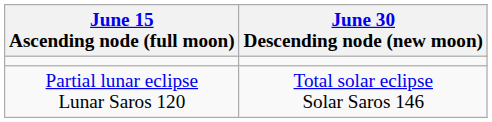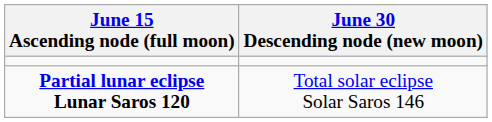 <table class="wikitable">
 <tr>
 <th><a href='#'>June 15</a><br>Ascending node (full moon)<br></th>
 <th><a href='#'>June 30</a><br>Descending node (new moon)<br></th>
 </tr>
 <tr>
 <td></td>
 <td></td>
 </tr>
 <tr align=center>
-<td><a href='#'>Partial lunar eclipse</a><br>Lunar Saros 120</td>
+<td><strong><a href='#'>Partial lunar eclipse</a><br>Lunar Saros 120</strong></td>
 <td><a href='#'>Total solar eclipse</a><br>Solar Saros 146</td>
 </tr>
 </table>
